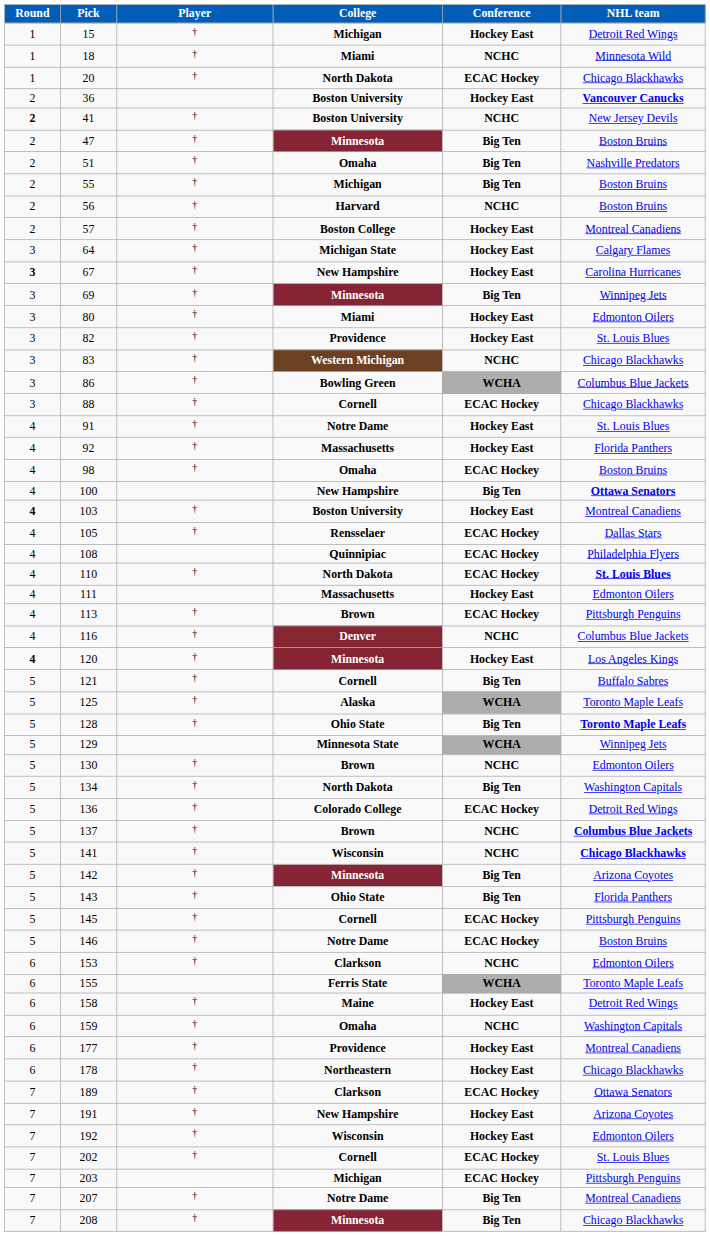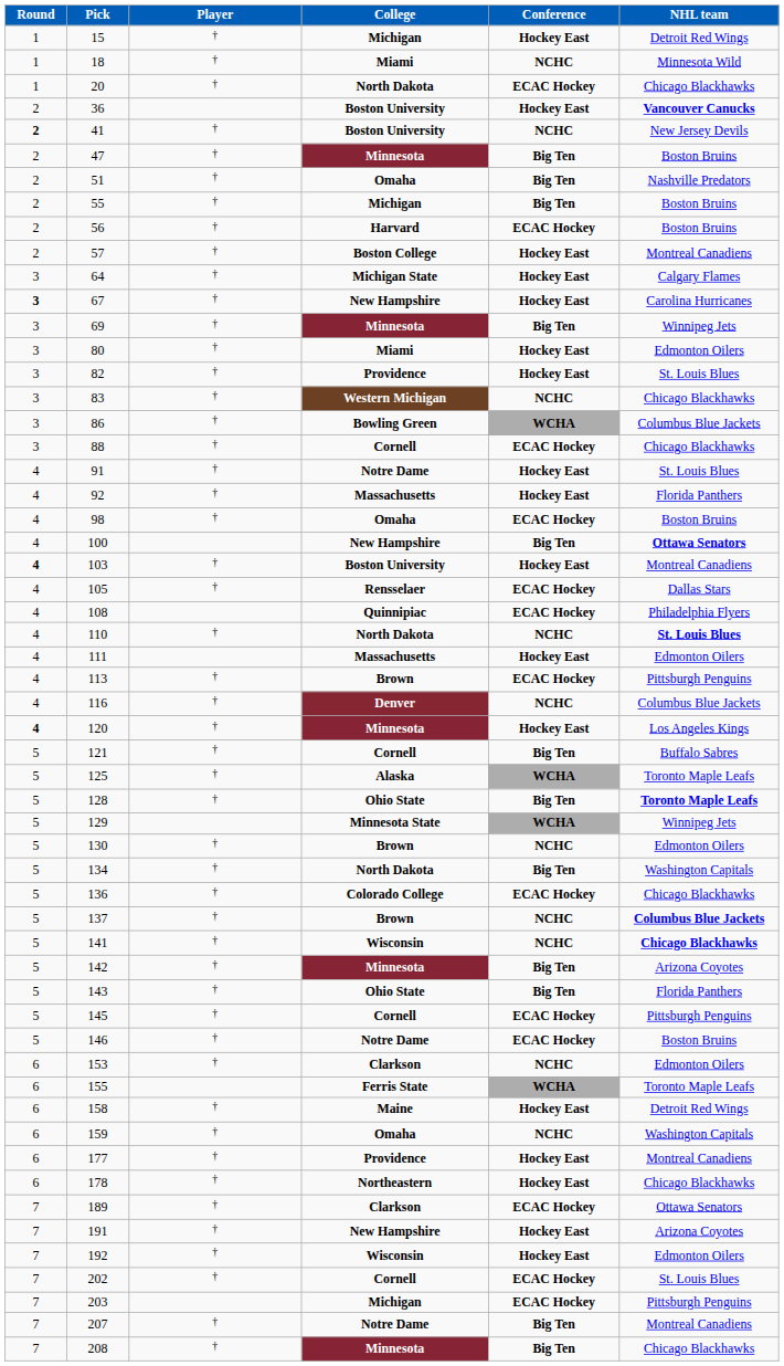 <table class="wikitable sortable" width="75%">
 <tr>
 <th style="color:white; background-color:#005EB8; width: 4em;">Round</th>
 <th style="color:white; background-color:#005EB8; width: 4em;">Pick</th>
 <th style="color:white; background-color:#005EB8; width: 12em;">Player</th>
 <th style="color:white; background-color:#005EB8; width: 13em;">College</th>
 <th style="color:white; background-color:#005EB8; width: 9em;">Conference</th>
 <th style="color:white; background-color:#005EB8; width: 11em;">NHL team</th>
 </tr>
 <tr align="center" bgcolor="">
 <td>1</td>
 <td>15</td>
 <td> <sup>†</sup></td>
 <td><strong>Michigan</strong></td>
 <td><strong>Hockey East</strong></td>
 <td><a href='#'>Detroit Red Wings</a></td>
 </tr>
 <tr align="center" bgcolor="">
 <td>1</td>
 <td>18</td>
 <td> <sup>†</sup></td>
 <td><strong>Miami</strong></td>
 <td><strong>NCHC</strong></td>
 <td><a href='#'>Minnesota Wild</a></td>
 </tr>
 <tr align="center" bgcolor="">
 <td>1</td>
 <td>20</td>
 <td> <sup>†</sup></td>
 <td><strong>North Dakota</strong></td>
 <td><strong>ECAC Hockey</strong></td>
 <td><a href='#'>Chicago Blackhawks</a></td>
 </tr>
 <tr align="center" bgcolor="">
 <td>2</td>
 <td>36</td>
 <td></td>
 <td><strong>Boston University</strong></td>
 <td><strong>Hockey East</strong></td>
 <td><strong><a href='#'>Vancouver Canucks</a></strong></td>
 </tr>
 <tr align="center" bgcolor="">
 <td><strong>2</strong></td>
 <td>41</td>
 <td> <sup>†</sup></td>
 <td><strong>Boston University</strong></td>
 <td><strong>NCHC</strong></td>
 <td><a href='#'>New Jersey Devils</a></td>
 </tr>
 <tr align="center" bgcolor="">
 <td>2</td>
 <td>47</td>
 <td> <sup>†</sup></td>
 <td style="color:white; background:#862334; "><strong>Minnesota</strong></td>
 <td><strong>Big Ten</strong></td>
 <td><a href='#'>Boston Bruins</a></td>
 </tr>
 <tr align="center" bgcolor="">
 <td>2</td>
 <td>51</td>
 <td> <sup>†</sup></td>
 <td><strong>Omaha</strong></td>
 <td><strong>Big Ten</strong></td>
 <td><a href='#'>Nashville Predators</a></td>
 </tr>
 <tr align="center" bgcolor="">
 <td>2</td>
 <td>55</td>
 <td> <sup>†</sup></td>
 <td><strong>Michigan</strong></td>
 <td><strong>Big Ten</strong></td>
 <td><a href='#'>Boston Bruins</a></td>
 </tr>
 <tr align="center" bgcolor="">
 <td>2</td>
 <td>56</td>
 <td> <sup>†</sup></td>
 <td><strong>Harvard</strong></td>
-<td><strong>NCHC</strong></td>
+<td><strong>ECAC Hockey</strong></td>
 <td><a href='#'>Boston Bruins</a></td>
 </tr>
 <tr align="center" bgcolor="">
 <td>2</td>
 <td>57</td>
 <td> <sup>†</sup></td>
 <td><strong>Boston College</strong></td>
 <td><strong>Hockey East</strong></td>
 <td><a href='#'>Montreal Canadiens</a></td>
 </tr>
 <tr align="center" bgcolor="">
 <td>3</td>
 <td>64</td>
 <td> <sup>†</sup></td>
 <td><strong>Michigan State</strong></td>
 <td><strong>Hockey East</strong></td>
 <td><a href='#'>Calgary Flames</a></td>
 </tr>
 <tr align="center" bgcolor="">
 <td><strong>3</strong></td>
 <td>67</td>
 <td> <sup>†</sup></td>
 <td><strong>New Hampshire</strong></td>
 <td><strong>Hockey East</strong></td>
 <td><a href='#'>Carolina Hurricanes</a></td>
 </tr>
 <tr align="center" bgcolor="">
 <td>3</td>
 <td>69</td>
 <td> <sup>†</sup></td>
 <td style="color:white; background:#862334; "><strong>Minnesota</strong></td>
 <td><strong>Big Ten</strong></td>
 <td><a href='#'>Winnipeg Jets</a></td>
 </tr>
 <tr align="center" bgcolor="">
 <td>3</td>
 <td>80</td>
 <td> <sup>†</sup></td>
 <td><strong>Miami</strong></td>
 <td><strong>Hockey East</strong></td>
 <td><a href='#'>Edmonton Oilers</a></td>
 </tr>
 <tr align="center" bgcolor="">
 <td>3</td>
 <td>82</td>
 <td> <sup>†</sup></td>
 <td><strong>Providence</strong></td>
 <td><strong>Hockey East</strong></td>
 <td><a href='#'>St. Louis Blues</a></td>
 </tr>
 <tr align="center" bgcolor="">
 <td>3</td>
 <td>83</td>
 <td> <sup>†</sup></td>
 <td style="color:white; background:#6C4023; "><strong>Western Michigan</strong></td>
 <td><strong>NCHC</strong></td>
 <td><a href='#'>Chicago Blackhawks</a></td>
 </tr>
 <tr align="center" bgcolor="">
 <td>3</td>
 <td>86</td>
 <td> <sup>†</sup></td>
 <td><strong>Bowling Green</strong></td>
 <td style="color:black; background:#ADADAD; "><strong>WCHA</strong></td>
 <td><a href='#'>Columbus Blue Jackets</a></td>
 </tr>
 <tr align="center" bgcolor="">
 <td>3</td>
 <td>88</td>
 <td> <sup>†</sup></td>
 <td><strong>Cornell</strong></td>
 <td><strong>ECAC Hockey</strong></td>
 <td><a href='#'>Chicago Blackhawks</a></td>
 </tr>
 <tr align="center" bgcolor="">
 <td>4</td>
 <td>91</td>
 <td> <sup>†</sup></td>
 <td><strong>Notre Dame</strong></td>
 <td><strong>Hockey East</strong></td>
 <td><a href='#'>St. Louis Blues</a></td>
 </tr>
 <tr align="center" bgcolor="">
 <td>4</td>
 <td>92</td>
 <td> <sup>†</sup></td>
 <td><strong>Massachusetts</strong></td>
 <td><strong>Hockey East</strong></td>
 <td><a href='#'>Florida Panthers</a></td>
 </tr>
 <tr align="center" bgcolor="">
 <td>4</td>
 <td>98</td>
 <td> <sup>†</sup></td>
 <td><strong>Omaha</strong></td>
 <td><strong>ECAC Hockey</strong></td>
 <td><a href='#'>Boston Bruins</a></td>
 </tr>
 <tr align="center" bgcolor="">
 <td>4</td>
 <td>100</td>
 <td></td>
 <td><strong>New Hampshire</strong></td>
 <td><strong>Big Ten</strong></td>
 <td><strong><a href='#'>Ottawa Senators</a></strong></td>
 </tr>
 <tr align="center" bgcolor="">
 <td><strong>4</strong></td>
 <td>103</td>
 <td> <sup>†</sup></td>
 <td><strong>Boston University</strong></td>
 <td><strong>Hockey East</strong></td>
 <td><a href='#'>Montreal Canadiens</a></td>
 </tr>
 <tr align="center" bgcolor="">
 <td>4</td>
 <td>105</td>
 <td> <sup>†</sup></td>
 <td><strong>Rensselaer</strong></td>
 <td><strong>ECAC Hockey</strong></td>
 <td><a href='#'>Dallas Stars</a></td>
 </tr>
 <tr align="center" bgcolor="">
 <td>4</td>
 <td>108</td>
 <td></td>
 <td><strong>Quinnipiac</strong></td>
 <td><strong>ECAC Hockey</strong></td>
 <td><a href='#'>Philadelphia Flyers</a></td>
 </tr>
 <tr align="center" bgcolor="">
 <td>4</td>
 <td>110</td>
 <td> <sup>†</sup></td>
 <td><strong>North Dakota</strong></td>
-<td><strong>ECAC Hockey</strong></td>
+<td><strong>NCHC</strong></td>
 <td><strong><a href='#'>St. Louis Blues</a></strong></td>
 </tr>
 <tr align="center" bgcolor="">
 <td>4</td>
 <td>111</td>
 <td></td>
 <td><strong>Massachusetts</strong></td>
 <td><strong>Hockey East</strong></td>
 <td><a href='#'>Edmonton Oilers</a></td>
 </tr>
 <tr align="center" bgcolor="">
 <td>4</td>
 <td>113</td>
 <td> <sup>†</sup></td>
 <td><strong>Brown</strong></td>
 <td><strong>ECAC Hockey</strong></td>
 <td><a href='#'>Pittsburgh Penguins</a></td>
 </tr>
 <tr align="center" bgcolor="">
 <td>4</td>
 <td>116</td>
 <td> <sup>†</sup></td>
 <td style="color:white; background:#862633; "><strong>Denver</strong></td>
 <td><strong>NCHC</strong></td>
 <td><a href='#'>Columbus Blue Jackets</a></td>
 </tr>
 <tr align="center" bgcolor="">
 <td><strong>4</strong></td>
 <td>120</td>
 <td> <sup>†</sup></td>
 <td style="color:white; background:#862334; "><strong>Minnesota</strong></td>
 <td><strong>Hockey East</strong></td>
 <td><a href='#'>Los Angeles Kings</a></td>
 </tr>
 <tr align="center" bgcolor="">
 <td>5</td>
 <td>121</td>
 <td> <sup>†</sup></td>
 <td><strong>Cornell</strong></td>
 <td><strong>Big Ten</strong></td>
 <td><a href='#'>Buffalo Sabres</a></td>
 </tr>
 <tr align="center" bgcolor="">
 <td>5</td>
 <td>125</td>
 <td> <sup>†</sup></td>
 <td><strong>Alaska</strong></td>
 <td style="color:black; background:#ADADAD; "><strong>WCHA</strong></td>
 <td><a href='#'>Toronto Maple Leafs</a></td>
 </tr>
 <tr align="center" bgcolor="">
 <td>5</td>
 <td>128</td>
 <td> <sup>†</sup></td>
 <td><strong>Ohio State</strong></td>
 <td><strong>Big Ten</strong></td>
 <td><strong><a href='#'>Toronto Maple Leafs</a></strong></td>
 </tr>
 <tr align="center" bgcolor="">
 <td>5</td>
 <td>129</td>
 <td></td>
 <td><strong>Minnesota State</strong></td>
 <td style="color:black; background:#ADADAD; "><strong>WCHA</strong></td>
 <td><a href='#'>Winnipeg Jets</a></td>
 </tr>
 <tr align="center" bgcolor="">
 <td>5</td>
 <td>130</td>
 <td> <sup>†</sup></td>
 <td><strong>Brown</strong></td>
 <td><strong>NCHC</strong></td>
 <td><a href='#'>Edmonton Oilers</a></td>
 </tr>
 <tr align="center" bgcolor="">
 <td>5</td>
 <td>134</td>
 <td> <sup>†</sup></td>
 <td><strong>North Dakota</strong></td>
 <td><strong>Big Ten</strong></td>
 <td><a href='#'>Washington Capitals</a></td>
 </tr>
 <tr align="center" bgcolor="">
 <td>5</td>
 <td>136</td>
 <td> <sup>†</sup></td>
 <td><strong>Colorado College</strong></td>
 <td><strong>ECAC Hockey</strong></td>
-<td><a href='#'>Detroit Red Wings</a></td>
+<td><a href='#'>Chicago Blackhawks</a></td>
 </tr>
 <tr align="center" bgcolor="">
 <td>5</td>
 <td>137</td>
 <td> <sup>†</sup></td>
 <td><strong>Brown</strong></td>
 <td><strong>NCHC</strong></td>
 <td><strong><a href='#'>Columbus Blue Jackets</a></strong></td>
 </tr>
 <tr align="center" bgcolor="">
 <td>5</td>
 <td>141</td>
 <td> <sup>†</sup></td>
 <td><strong>Wisconsin</strong></td>
 <td><strong>NCHC</strong></td>
 <td><strong><a href='#'>Chicago Blackhawks</a></strong></td>
 </tr>
 <tr align="center" bgcolor="">
 <td>5</td>
 <td>142</td>
 <td> <sup>†</sup></td>
 <td style="color:white; background:#862334; "><strong>Minnesota</strong></td>
 <td><strong>Big Ten</strong></td>
 <td><a href='#'>Arizona Coyotes</a></td>
 </tr>
 <tr align="center" bgcolor="">
 <td>5</td>
 <td>143</td>
 <td> <sup>†</sup></td>
 <td><strong>Ohio State</strong></td>
 <td><strong>Big Ten</strong></td>
 <td><a href='#'>Florida Panthers</a></td>
 </tr>
 <tr align="center" bgcolor="">
 <td>5</td>
 <td>145</td>
 <td> <sup>†</sup></td>
 <td><strong>Cornell</strong></td>
 <td><strong>ECAC Hockey</strong></td>
 <td><a href='#'>Pittsburgh Penguins</a></td>
 </tr>
 <tr align="center" bgcolor="">
 <td>5</td>
 <td>146</td>
 <td> <sup>†</sup></td>
 <td><strong>Notre Dame</strong></td>
 <td><strong>ECAC Hockey</strong></td>
 <td><a href='#'>Boston Bruins</a></td>
 </tr>
 <tr align="center" bgcolor="">
 <td>6</td>
 <td>153</td>
 <td> <sup>†</sup></td>
 <td><strong>Clarkson</strong></td>
 <td><strong>NCHC</strong></td>
 <td><a href='#'>Edmonton Oilers</a></td>
 </tr>
 <tr align="center" bgcolor="">
 <td>6</td>
 <td>155</td>
 <td></td>
 <td><strong>Ferris State</strong></td>
 <td style="color:black; background:#ADADAD; "><strong>WCHA</strong></td>
 <td><a href='#'>Toronto Maple Leafs</a></td>
 </tr>
 <tr align="center" bgcolor="">
 <td>6</td>
 <td>158</td>
 <td> <sup>†</sup></td>
 <td><strong>Maine</strong></td>
 <td><strong>Hockey East</strong></td>
 <td><a href='#'>Detroit Red Wings</a></td>
 </tr>
 <tr align="center" bgcolor="">
 <td>6</td>
 <td>159</td>
 <td> <sup>†</sup></td>
 <td><strong>Omaha</strong></td>
 <td><strong>NCHC</strong></td>
 <td><a href='#'>Washington Capitals</a></td>
 </tr>
 <tr align="center" bgcolor="">
 <td>6</td>
 <td>177</td>
 <td> <sup>†</sup></td>
 <td><strong>Providence</strong></td>
 <td><strong>Hockey East</strong></td>
 <td><a href='#'>Montreal Canadiens</a></td>
 </tr>
 <tr align="center" bgcolor="">
 <td>6</td>
 <td>178</td>
 <td> <sup>†</sup></td>
 <td><strong>Northeastern</strong></td>
 <td><strong>Hockey East</strong></td>
 <td><a href='#'>Chicago Blackhawks</a></td>
 </tr>
 <tr align="center" bgcolor="">
 <td>7</td>
 <td>189</td>
 <td> <sup>†</sup></td>
 <td><strong>Clarkson</strong></td>
 <td><strong>ECAC Hockey</strong></td>
 <td><a href='#'>Ottawa Senators</a></td>
 </tr>
 <tr align="center" bgcolor="">
 <td>7</td>
 <td>191</td>
 <td> <sup>†</sup></td>
 <td><strong>New Hampshire</strong></td>
 <td><strong>Hockey East</strong></td>
 <td><a href='#'>Arizona Coyotes</a></td>
 </tr>
 <tr align="center" bgcolor="">
 <td>7</td>
 <td>192</td>
 <td> <sup>†</sup></td>
 <td><strong>Wisconsin</strong></td>
 <td><strong>Hockey East</strong></td>
 <td><a href='#'>Edmonton Oilers</a></td>
 </tr>
 <tr align="center" bgcolor="">
 <td>7</td>
 <td>202</td>
 <td> <sup>†</sup></td>
 <td><strong>Cornell</strong></td>
 <td><strong>ECAC Hockey</strong></td>
 <td><a href='#'>St. Louis Blues</a></td>
 </tr>
 <tr align="center" bgcolor="">
 <td>7</td>
 <td>203</td>
 <td></td>
 <td><strong>Michigan</strong></td>
 <td><strong>ECAC Hockey</strong></td>
 <td><a href='#'>Pittsburgh Penguins</a></td>
 </tr>
 <tr align="center" bgcolor="">
 <td>7</td>
 <td>207</td>
 <td> <sup>†</sup></td>
 <td><strong>Notre Dame</strong></td>
 <td><strong>Big Ten</strong></td>
 <td><a href='#'>Montreal Canadiens</a></td>
 </tr>
 <tr align="center" bgcolor="">
 <td>7</td>
 <td>208</td>
 <td> <sup>†</sup></td>
 <td style="color:white; background:#862334; "><strong>Minnesota</strong></td>
 <td><strong>Big Ten</strong></td>
 <td><a href='#'>Chicago Blackhawks</a></td>
 </tr>
 </table>
